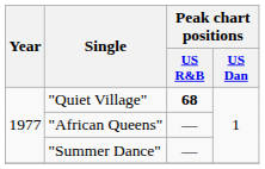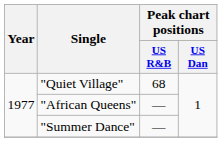 <table class="wikitable" style="text-align:center;">
 <tr>
 <th rowspan="2">Year</th>
 <th rowspan="2">Single</th>
 <th colspan="2">Peak chart positions</th>
 </tr>
 <tr style="font-size:smaller;">
 <th width="40"><a href='#'>US<br>R&B</a><br></th>
 <th width="40"><a href='#'>US<br>Dan</a><br></th>
 </tr>
 <tr>
 <td rowspan="3">1977</td>
 <td align="left">"Quiet Village"</td>
-<td><strong>68</strong></td>
+<td>68</td>
 <td rowspan="3">1</td>
 </tr>
 <tr>
 <td align="left">"African Queens"</td>
 <td>—</td>
 </tr>
 <tr>
 <td align="left">"Summer Dance"</td>
 <td>—</td>
 </tr>
 <tr>
 </tr>
 </table>
